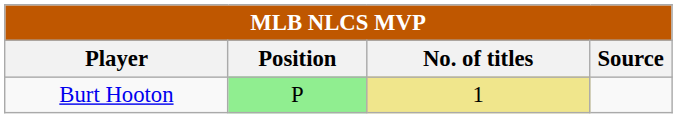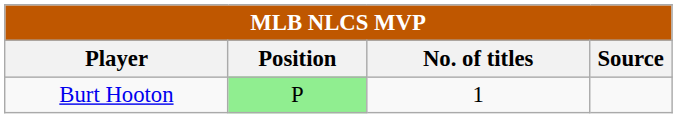 <table class="wikitable" style="text-align:center">
 <tr>
 <td colspan="5" style= "background: #BF5700; color:white"><strong>MLB NLCS MVP</strong></td>
 </tr>
 <tr>
 <th style="width:150px; ">Player</th>
 <th style="width:90px; ">Position</th>
 <th style="width:150px; ">No. of titles</th>
 <th style="width:50px; ">Source</th>
 </tr>
 <tr>
 <td><a href='#'>Burt Hooton</a></td>
 <td style="background: lightgreen;">P</td>
-<td style="background: khaki;">1</td>
+<td>1</td>
 <td></td>
 </tr>
 </table>
